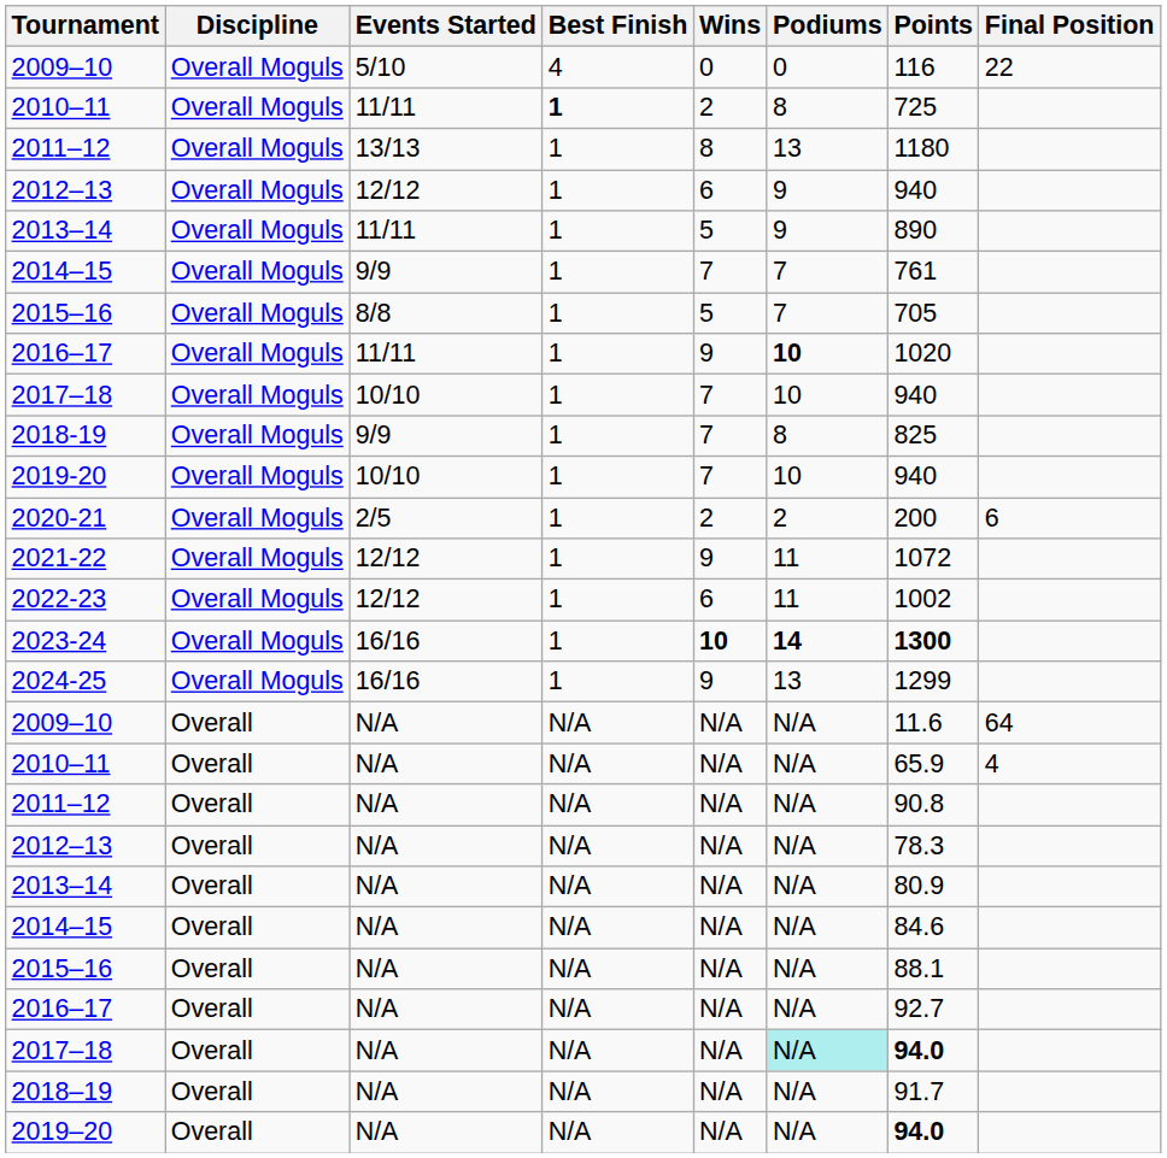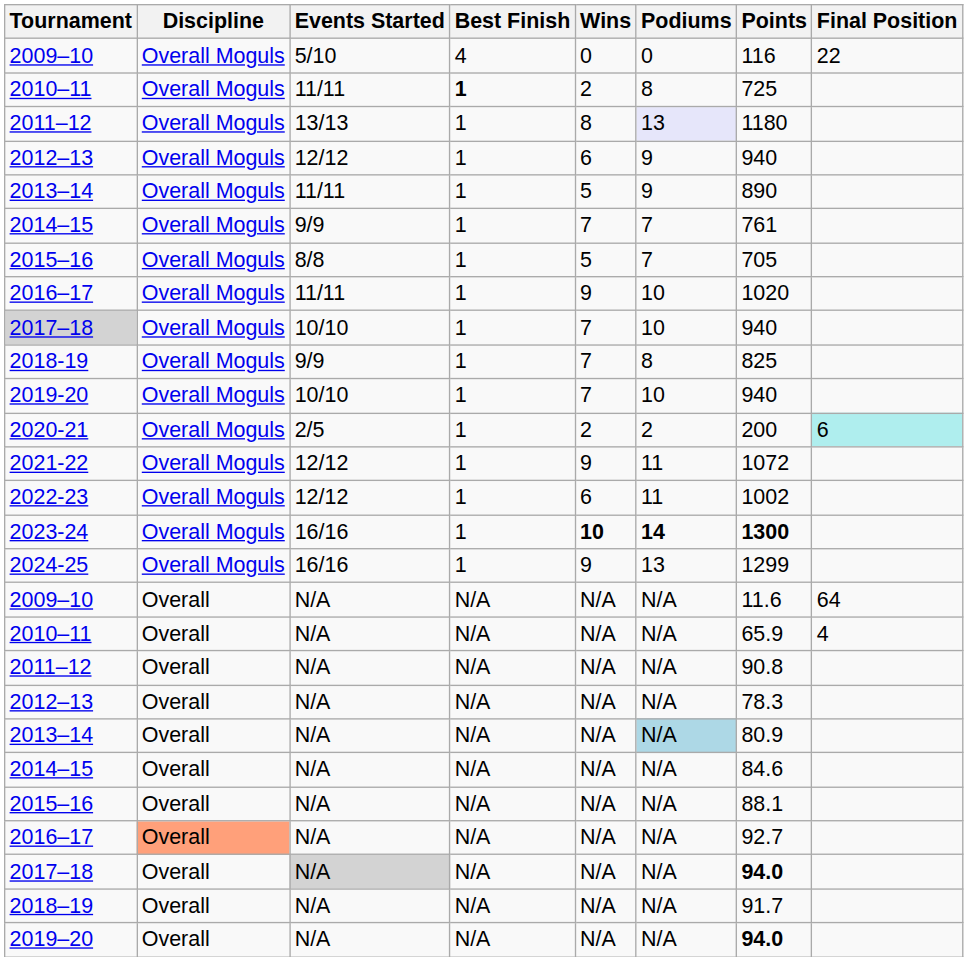 <table class=wikitable>
 <tr>
 <th>Tournament</th>
 <th>Discipline</th>
 <th>Events Started</th>
 <th>Best Finish</th>
 <th>Wins</th>
 <th>Podiums</th>
 <th>Points</th>
 <th>Final Position</th>
 </tr>
 <tr>
 <td><a href='#'>2009–10</a></td>
 <td><a href='#'>Overall Moguls</a></td>
 <td>5/10</td>
 <td>4</td>
 <td>0</td>
 <td>0</td>
 <td>116</td>
 <td>22</td>
 </tr>
 <tr>
 <td><a href='#'>2010–11</a></td>
 <td><a href='#'>Overall Moguls</a></td>
 <td>11/11</td>
 <td><strong>1</strong></td>
 <td>2</td>
 <td>8</td>
 <td>725</td>
 <td></td>
 </tr>
 <tr>
 <td><a href='#'>2011–12</a></td>
 <td><a href='#'>Overall Moguls</a></td>
 <td>13/13</td>
 <td>1</td>
 <td>8</td>
-<td>13</td>
+<td style="background: lavender;">13</td>
 <td>1180</td>
 <td></td>
 </tr>
 <tr>
 <td><a href='#'>2012–13</a></td>
 <td><a href='#'>Overall Moguls</a></td>
 <td>12/12</td>
 <td>1</td>
 <td>6</td>
 <td>9</td>
 <td>940</td>
 <td></td>
 </tr>
 <tr>
 <td><a href='#'>2013–14</a></td>
 <td><a href='#'>Overall Moguls</a></td>
 <td>11/11</td>
 <td>1</td>
 <td>5</td>
 <td>9</td>
 <td>890</td>
 <td></td>
 </tr>
 <tr>
 <td><a href='#'>2014–15</a></td>
 <td><a href='#'>Overall Moguls</a></td>
 <td>9/9</td>
 <td>1</td>
 <td>7</td>
 <td>7</td>
 <td>761</td>
 <td></td>
 </tr>
 <tr>
 <td><a href='#'>2015–16</a></td>
 <td><a href='#'>Overall Moguls</a></td>
 <td>8/8</td>
 <td>1</td>
 <td>5</td>
 <td>7</td>
 <td>705</td>
 <td></td>
 </tr>
 <tr>
 <td><a href='#'>2016–17</a></td>
 <td><a href='#'>Overall Moguls</a></td>
 <td>11/11</td>
 <td>1</td>
 <td>9</td>
-<td><strong>10</strong></td>
+<td>10</td>
 <td>1020</td>
 <td></td>
 </tr>
 <tr>
-<td><a href='#'>2017–18</a></td>
+<td style="background: lightgrey;"><a href='#'>2017–18</a></td>
 <td><a href='#'>Overall Moguls</a></td>
 <td>10/10</td>
 <td>1</td>
 <td>7</td>
 <td>10</td>
 <td>940</td>
 <td></td>
 </tr>
 <tr>
 <td><a href='#'>2018-19</a></td>
 <td><a href='#'>Overall Moguls</a></td>
 <td>9/9</td>
 <td>1</td>
 <td>7</td>
 <td>8</td>
 <td>825</td>
 <td></td>
 </tr>
 <tr>
 <td><a href='#'>2019-20</a></td>
 <td><a href='#'>Overall Moguls</a></td>
 <td>10/10</td>
 <td>1</td>
 <td>7</td>
 <td>10</td>
 <td>940</td>
 <td></td>
 </tr>
 <tr>
 <td><a href='#'>2020-21</a></td>
 <td><a href='#'>Overall Moguls</a></td>
 <td>2/5</td>
 <td>1</td>
 <td>2</td>
 <td>2</td>
 <td>200</td>
-<td>6</td>
+<td style="background: paleturquoise;">6</td>
 </tr>
 <tr>
 <td><a href='#'>2021-22</a></td>
 <td><a href='#'>Overall Moguls</a></td>
 <td>12/12</td>
 <td>1</td>
 <td>9</td>
 <td>11</td>
 <td>1072</td>
 <td></td>
 </tr>
 <tr>
 <td><a href='#'>2022-23</a></td>
 <td><a href='#'>Overall Moguls</a></td>
 <td>12/12</td>
 <td>1</td>
 <td>6</td>
 <td>11</td>
 <td>1002</td>
 <td></td>
 </tr>
 <tr>
 <td><a href='#'>2023-24</a></td>
 <td><a href='#'>Overall Moguls</a></td>
 <td>16/16</td>
 <td>1</td>
 <td><strong>10</strong></td>
 <td><strong>14</strong></td>
 <td><strong>1300</strong></td>
 <td></td>
 </tr>
 <tr>
 <td><a href='#'>2024-25</a></td>
 <td><a href='#'>Overall Moguls</a></td>
 <td>16/16</td>
 <td>1</td>
 <td>9</td>
 <td>13</td>
 <td>1299</td>
 <td></td>
 </tr>
 <tr>
 <td><a href='#'>2009–10</a></td>
 <td>Overall</td>
 <td>N/A</td>
 <td>N/A</td>
 <td>N/A</td>
 <td>N/A</td>
 <td>11.6</td>
 <td>64</td>
 </tr>
 <tr>
 <td><a href='#'>2010–11</a></td>
 <td>Overall</td>
 <td>N/A</td>
 <td>N/A</td>
 <td>N/A</td>
 <td>N/A</td>
 <td>65.9</td>
 <td>4</td>
 </tr>
 <tr>
 <td><a href='#'>2011–12</a></td>
 <td>Overall</td>
 <td>N/A</td>
 <td>N/A</td>
 <td>N/A</td>
 <td>N/A</td>
 <td>90.8</td>
 <td></td>
 </tr>
 <tr>
 <td><a href='#'>2012–13</a></td>
 <td>Overall</td>
 <td>N/A</td>
 <td>N/A</td>
 <td>N/A</td>
 <td>N/A</td>
 <td>78.3</td>
 <td></td>
 </tr>
 <tr>
 <td><a href='#'>2013–14</a></td>
 <td>Overall</td>
 <td>N/A</td>
 <td>N/A</td>
 <td>N/A</td>
-<td>N/A</td>
+<td style="background: lightblue;">N/A</td>
 <td>80.9</td>
 <td></td>
 </tr>
 <tr>
 <td><a href='#'>2014–15</a></td>
 <td>Overall</td>
 <td>N/A</td>
 <td>N/A</td>
 <td>N/A</td>
 <td>N/A</td>
 <td>84.6</td>
 <td></td>
 </tr>
 <tr>
 <td><a href='#'>2015–16</a></td>
 <td>Overall</td>
 <td>N/A</td>
 <td>N/A</td>
 <td>N/A</td>
 <td>N/A</td>
 <td>88.1</td>
 <td></td>
 </tr>
 <tr>
 <td><a href='#'>2016–17</a></td>
-<td>Overall</td>
+<td style="background: lightsalmon;">Overall</td>
 <td>N/A</td>
 <td>N/A</td>
 <td>N/A</td>
 <td>N/A</td>
 <td>92.7</td>
 <td></td>
 </tr>
 <tr>
 <td><a href='#'>2017–18</a></td>
 <td>Overall</td>
+<td style="background: lightgrey;">N/A</td>
 <td>N/A</td>
 <td>N/A</td>
 <td>N/A</td>
-<td style="background: paleturquoise;">N/A</td>
 <td><strong>94.0</strong></td>
 <td></td>
 </tr>
 <tr>
 <td><a href='#'>2018–19</a></td>
 <td>Overall</td>
 <td>N/A</td>
 <td>N/A</td>
 <td>N/A</td>
 <td>N/A</td>
 <td>91.7</td>
 <td></td>
 </tr>
 <tr>
 <td><a href='#'>2019–20</a></td>
 <td>Overall</td>
 <td>N/A</td>
 <td>N/A</td>
 <td>N/A</td>
 <td>N/A</td>
 <td><strong>94.0</strong></td>
 <td></td>
 </tr>
 <tr>
 </tr>
 </table>
